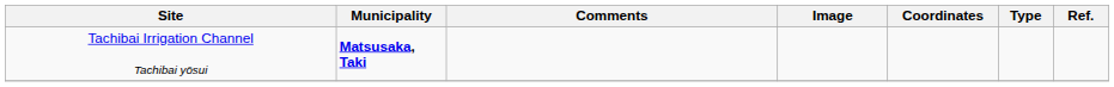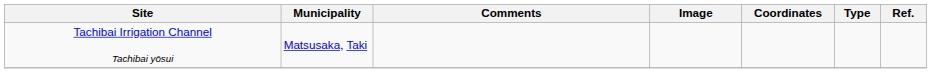 <table class="wikitable sortable"  style="width:100%;">
 <tr>
 <th width="30%" align="left">Site</th>
 <th width="10%" align="left">Municipality</th>
 <th width="30%" align="left" class="unsortable">Comments</th>
 <th width="10%" align="left"  class="unsortable">Image</th>
 <th width="10%" align="left" class="unsortable">Coordinates</th>
 <th width="5%" align="left">Type</th>
 <th width="5%" align="left"  class="unsortable">Ref.</th>
 </tr>
 <tr>
 <td align="center"><a href='#'>Tachibai Irrigation Channel</a><br><br><small><em>Tachibai yōsui</em></small></td>
-<td><strong><a href='#'>Matsusaka</a>, <a href='#'>Taki</a></strong></td>
+<td><a href='#'>Matsusaka</a>, <a href='#'>Taki</a></td>
 <td></td>
 <td></td>
 <td></td>
 <td></td>
 <td></td>
 </tr>
 <tr>
 </tr>
 </table>
